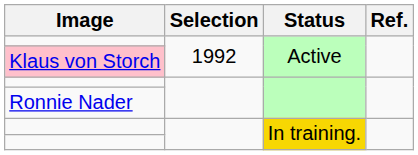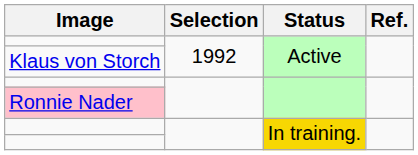 <table class="wikitable">
 <tr>
 <th>Image</th>
 <th>Selection</th>
 <th>Status</th>
 <th>Ref.</th>
 </tr>
 <tr>
 <td></td>
 <td rowspan="2" style="text-align:center;">1992</td>
 <td rowspan=2 style="background:#bbffbb; text-align:center;">Active</td>
 <td rowspan=2></td>
 </tr>
 <tr>
-<td style="background: pink;"> <a href='#'>Klaus von Storch</a></td>
+<td> <a href='#'>Klaus von Storch</a></td>
 </tr>
 <tr>
 <td></td>
 <td rowspan=2></td>
 <td rowspan=2 bgcolor=#bbffbb></td>
 <td rowspan=2></td>
 </tr>
 <tr>
-<td> <a href='#'>Ronnie Nader</a></td>
+<td style="background: pink;"> <a href='#'>Ronnie Nader</a></td>
 </tr>
 <tr>
 <td></td>
 <td rowspan="2"></td>
 <td rowspan="2" bgcolor=#f7d702>In training.</td>
 <td rowspan="2"></td>
 </tr>
 <tr>
 <td></td>
 </tr>
 </table>
